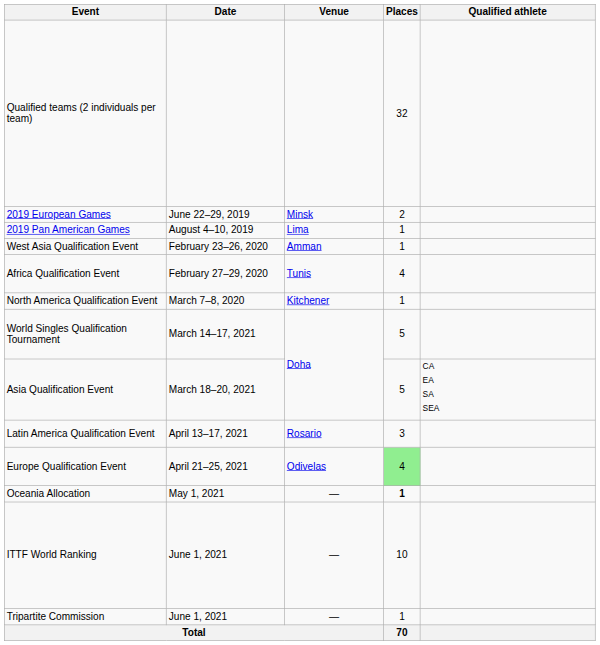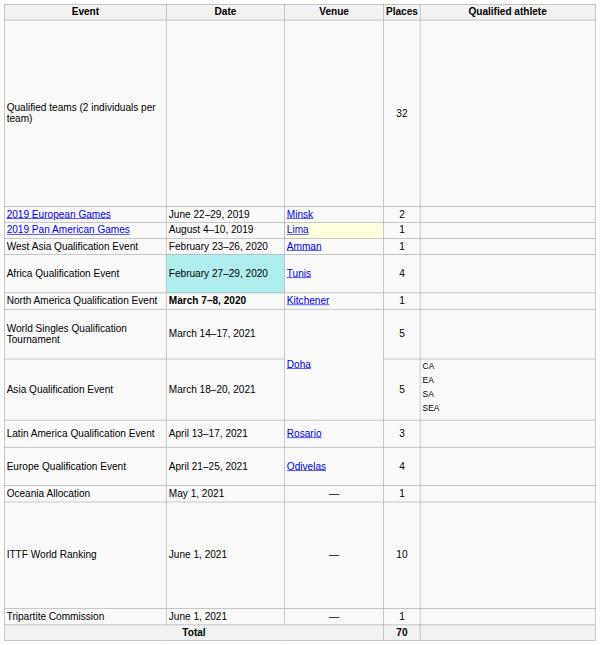 <table class="wikitable" style="text-align:left; font-size:100%">
 <tr>
 <th width=250>Event</th>
 <th width=180>Date</th>
 <th width=150>Venue</th>
 <th width=50>Places</th>
 <th width=270>Qualified athlete</th>
 </tr>
 <tr>
 <td>Qualified teams (2 individuals per team)</td>
 <td></td>
 <td></td>
 <td align=center>32</td>
 <td><br><br><br><br><br><br><br><br><br><br><s><br></s><br><br><br><br><br></td>
 </tr>
 <tr>
 <td><a href='#'>2019 European Games</a></td>
 <td>June 22–29, 2019</td>
 <td> <a href='#'>Minsk</a></td>
 <td align=center>2</td>
 <td><br></td>
 </tr>
 <tr>
 <td><a href='#'>2019 Pan American Games</a></td>
 <td>August 4–10, 2019</td>
-<td> <a href='#'>Lima</a></td>
+<td style="background: lightyellow;"> <a href='#'>Lima</a></td>
 <td align=center>1</td>
 <td></td>
 </tr>
 <tr>
 <td>West Asia Qualification Event</td>
 <td>February 23–26, 2020</td>
 <td> <a href='#'>Amman</a></td>
 <td align=center>1</td>
 <td></td>
 </tr>
 <tr>
 <td>Africa Qualification Event</td>
-<td>February 27–29, 2020</td>
+<td style="background: paleturquoise;">February 27–29, 2020</td>
 <td> <a href='#'>Tunis</a></td>
 <td align=center>4</td>
 <td><br><br><br></td>
 </tr>
 <tr>
 <td>North America Qualification Event</td>
-<td>March 7–8, 2020</td>
+<td><strong>March 7–8, 2020</strong></td>
 <td> <a href='#'>Kitchener</a></td>
 <td align=center>1</td>
 <td></td>
 </tr>
 <tr>
 <td>World Singles Qualification Tournament</td>
 <td>March 14–17, 2021</td>
 <td rowspan=2> <a href='#'>Doha</a></td>
 <td align=center>5</td>
 <td><br><br><br><br></td>
 </tr>
 <tr>
 <td>Asia Qualification Event</td>
 <td>March 18–20, 2021</td>
 <td align=center>5</td>
 <td><sup>CA</sup><br><sup>EA</sup><br><sup>SA</sup><br><sup>SEA</sup><br></td>
 </tr>
 <tr>
 <td>Latin America Qualification Event</td>
 <td>April 13–17, 2021</td>
 <td> <a href='#'>Rosario</a></td>
 <td align=center>3</td>
 <td><br><br></td>
 </tr>
 <tr>
 <td>Europe Qualification Event</td>
 <td>April 21–25, 2021</td>
 <td> <a href='#'>Odivelas</a></td>
-<td align=center style="background: lightgreen;">4</td>
+<td align=center>4</td>
 <td><br><br><br></td>
 </tr>
 <tr>
 <td>Oceania Allocation</td>
 <td>May 1, 2021</td>
 <td align=center>—</td>
-<td align=center><strong>1</strong></td>
+<td align=center>1</td>
 <td></td>
 </tr>
 <tr>
 <td>ITTF World Ranking</td>
 <td>June 1, 2021</td>
 <td align=center>—</td>
 <td align=center>10</td>
 <td><br><br><br><br><br><br><br><br><br></td>
 </tr>
 <tr>
 <td>Tripartite Commission</td>
 <td>June 1, 2021</td>
 <td align=center>—</td>
 <td align=center>1</td>
 <td></td>
 </tr>
 <tr>
 <th colspan=3>Total</th>
 <th>70</th>
 <th></th>
 </tr>
 </table>
